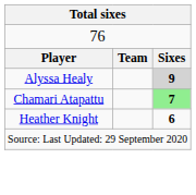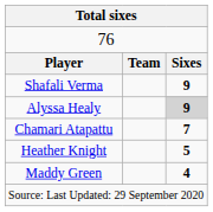 <table class="wikitable sortable" style="text-align:center">
 <tr>
 <th class="unsortable" colspan=3>Total sixes</th>
 </tr>
 <tr>
 <td class="unsortable" colspan=3><big>76</big></td>
 </tr>
 <tr>
 <th class="unsortable">Player</th>
 <th>Team</th>
 <th>Sixes</th>
 </tr>
 <tr>
+<td><a href='#'>Shafali Verma</a></td>
+<td></td>
+<td><strong>9</strong></td>
+</tr>
+<tr>
 <td><a href='#'>Alyssa Healy</a></td>
 <td></td>
 <td style="background: lightgrey;"><strong>9</strong></td>
 </tr>
 <tr>
 <td><a href='#'>Chamari Atapattu</a></td>
 <td></td>
-<td style="background: lightgreen;"><strong>7</strong></td>
+<td><strong>7</strong></td>
 </tr>
 <tr>
 <td><a href='#'>	 Heather Knight</a></td>
 <td></td>
-<td><strong>6</strong></td>
+<td><strong>5</strong></td>
+</tr>
+<tr>
+<td><a href='#'>Maddy Green</a></td>
+<td></td>
+<td><strong>4</strong></td>
 </tr>
 <tr>
 <td colspan=3><small>Source:  Last Updated: 29 September 2020</small></td>
 </tr>
 </table>
